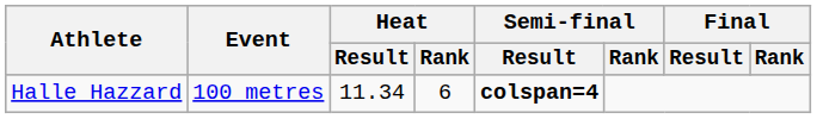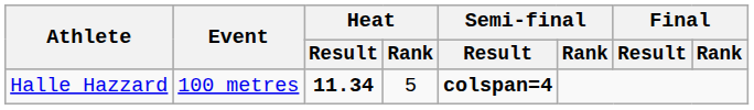 <table class=wikitable style=font-size:90%>
 <tr>
 <th rowspan=2>Athlete</th>
 <th rowspan=2>Event</th>
 <th colspan=2>Heat</th>
 <th colspan=2>Semi-final</th>
 <th colspan=2>Final</th>
 </tr>
 <tr style=font-size:95%>
 <th>Result</th>
 <th>Rank</th>
 <th>Result</th>
 <th>Rank</th>
 <th>Result</th>
 <th>Rank</th>
 </tr>
 <tr align=center>
 <td align=left><a href='#'>Halle Hazzard</a></td>
 <td align=left><a href='#'>100 metres</a></td>
-<td>11.34 </td>
-<td>6</td>
+<td><strong>11.34 </strong></td>
+<td>5</td>
 <td><strong>colspan=4 </strong></td>
 </tr>
 </table>
